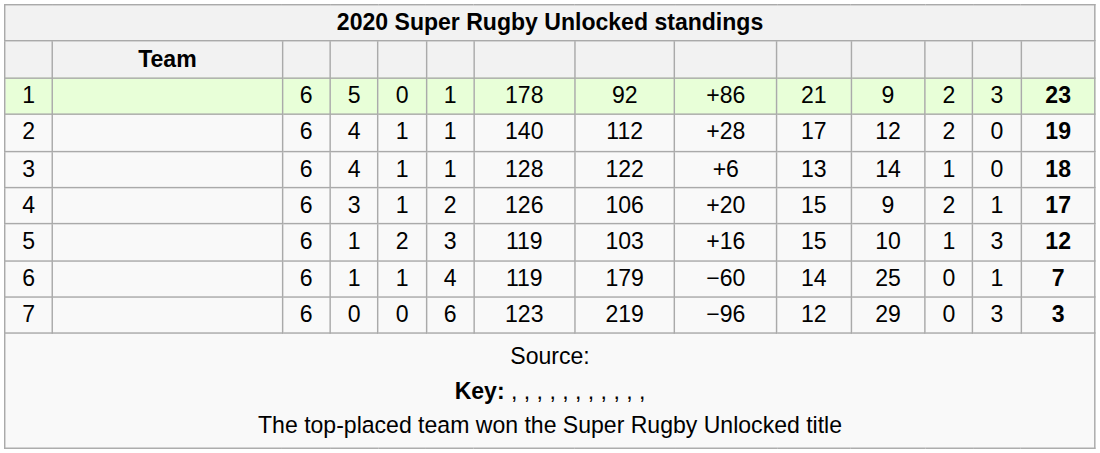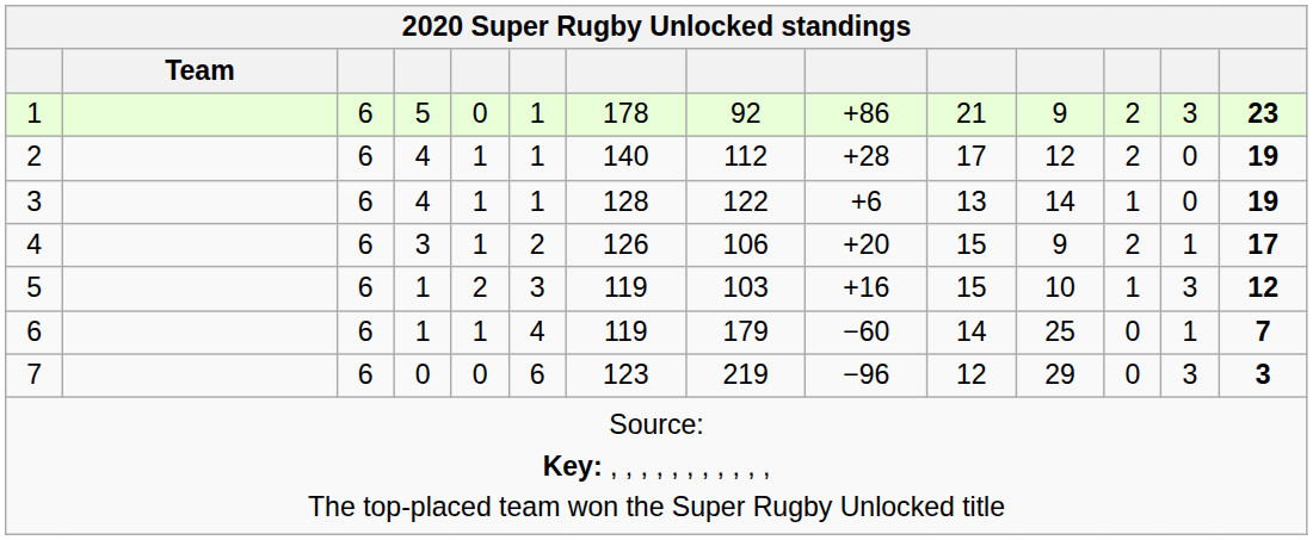 <table class="wikitable" style="min-width:60%; text-align:center">
 <tr>
 <th colspan="100%"><strong>2020 Super Rugby Unlocked standings</strong></th>
 </tr>
 <tr>
 <th style="padding:0;"></th>
 <th style="width:9.5em;">Team</th>
 <th></th>
 <th></th>
 <th></th>
 <th></th>
 <th></th>
 <th></th>
 <th></th>
 <th style="padding:1px;"></th>
 <th style="padding:1px;"></th>
 <th style="padding:1px;"></th>
 <th style="padding:1px;"></th>
 <th style="padding:1px;"><br></th>
 </tr>
 <tr style="background:#E8FFD8;">
 <td>1</td>
 <td align=left></td>
 <td>6</td>
 <td>5</td>
 <td>0</td>
 <td>1</td>
 <td>178</td>
 <td>92</td>
 <td>+86</td>
 <td>21</td>
 <td>9</td>
 <td>2</td>
 <td>3</td>
 <td><strong>23</strong></td>
 </tr>
 <tr>
 <td>2</td>
 <td align=left></td>
 <td>6</td>
 <td>4</td>
 <td>1</td>
 <td>1</td>
 <td>140</td>
 <td>112</td>
 <td>+28</td>
 <td>17</td>
 <td>12</td>
 <td>2</td>
 <td>0</td>
 <td><strong>19</strong></td>
 </tr>
 <tr>
 <td>3</td>
 <td align=left></td>
 <td>6</td>
 <td>4</td>
 <td>1</td>
 <td>1</td>
 <td>128</td>
 <td>122</td>
 <td>+6</td>
 <td>13</td>
 <td>14</td>
 <td>1</td>
 <td>0</td>
-<td><strong>18</strong></td>
+<td><strong>19</strong></td>
 </tr>
 <tr>
 <td>4</td>
 <td align=left></td>
 <td>6</td>
 <td>3</td>
 <td>1</td>
 <td>2</td>
 <td>126</td>
 <td>106</td>
 <td>+20</td>
 <td>15</td>
 <td>9</td>
 <td>2</td>
 <td>1</td>
 <td><strong>17</strong></td>
 </tr>
 <tr>
 <td>5</td>
 <td align></td>
 <td>6</td>
 <td>1</td>
 <td>2</td>
 <td>3</td>
 <td>119</td>
 <td>103</td>
 <td>+16</td>
 <td>15</td>
 <td>10</td>
 <td>1</td>
 <td>3</td>
 <td><strong>12</strong></td>
 </tr>
 <tr>
 <td>6</td>
 <td align=left></td>
 <td>6</td>
 <td>1</td>
 <td>1</td>
 <td>4</td>
 <td>119</td>
 <td>179</td>
 <td>−60</td>
 <td>14</td>
 <td>25</td>
 <td>0</td>
 <td>1</td>
 <td><strong>7</strong></td>
 </tr>
 <tr>
 <td>7</td>
 <td align=left></td>
 <td>6</td>
 <td>0</td>
 <td>0</td>
 <td>6</td>
 <td>123</td>
 <td>219</td>
 <td>−96</td>
 <td>12</td>
 <td>29</td>
 <td>0</td>
 <td>3</td>
 <td><strong>3</strong></td>
 </tr>
 <tr>
 <td colspan="100%" style="line-height:1.5;"><div> Source: <br><strong>Key:</strong> , , , , , , , , , , , <br><span>The top-placed team</span> won the Super Rugby Unlocked title</div></td>
 </tr>
 </table>
